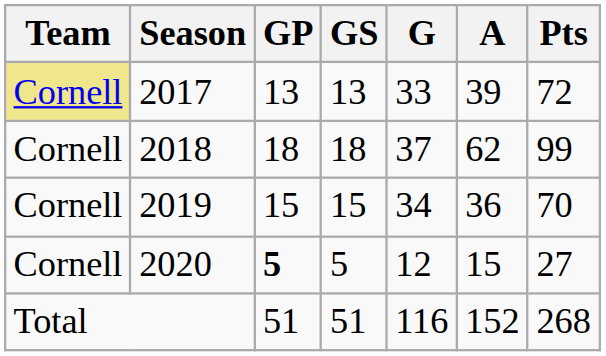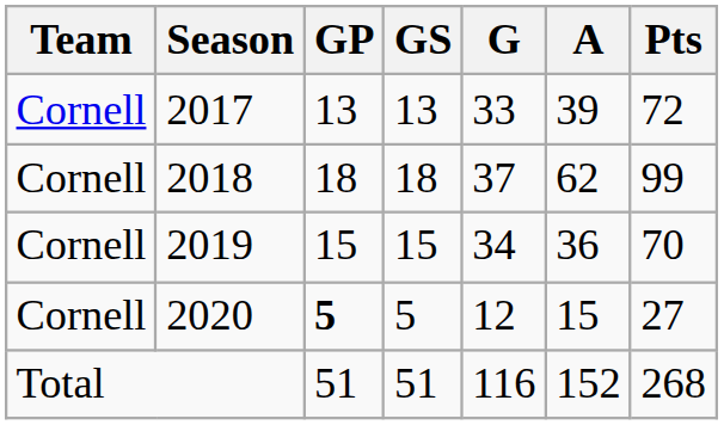 <table class="wikitable">
 <tr>
 <th>Team</th>
 <th>Season</th>
 <th>GP</th>
 <th>GS</th>
 <th>G</th>
 <th>A</th>
 <th>Pts</th>
 </tr>
 <tr>
-<td style="background: khaki;"><a href='#'>Cornell</a></td>
+<td><a href='#'>Cornell</a></td>
 <td>2017</td>
 <td>13</td>
 <td>13</td>
 <td>33</td>
 <td>39</td>
 <td>72</td>
 </tr>
 <tr>
 <td>Cornell</td>
 <td>2018</td>
 <td>18</td>
 <td>18</td>
 <td>37</td>
 <td>62</td>
 <td>99</td>
 </tr>
 <tr>
 <td>Cornell</td>
 <td>2019</td>
 <td>15</td>
 <td>15</td>
 <td>34</td>
 <td>36</td>
 <td>70</td>
 </tr>
 <tr>
 <td>Cornell</td>
 <td>2020</td>
 <td><strong>5</strong></td>
 <td>5</td>
 <td>12</td>
 <td>15</td>
 <td>27</td>
 </tr>
 <tr>
 <td colspan="2">Total</td>
 <td>51</td>
 <td>51</td>
 <td>116</td>
 <td>152</td>
 <td>268</td>
 </tr>
 </table>
